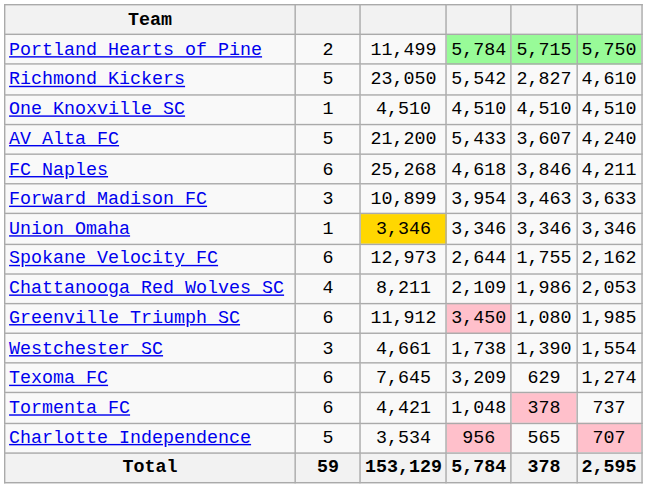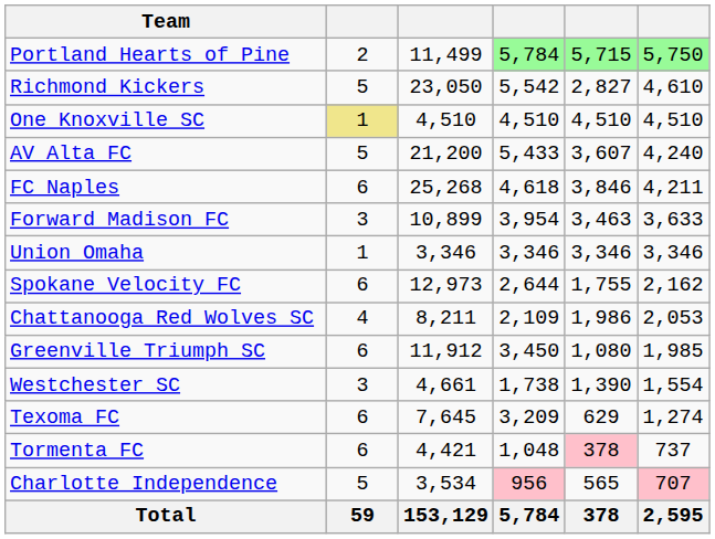 <table class="wikitable sortable">
 <tr>
 <th width=200>Team</th>
 <th width=40></th>
 <th width=40></th>
 <th width=40></th>
 <th width=40></th>
 <th width=40></th>
 </tr>
 <tr align=center>
 <td align=left><a href='#'>Portland Hearts of Pine</a></td>
 <td>2</td>
 <td>11,499</td>
 <td bgcolor="#98fb98">5,784</td>
 <td bgcolor="#98fb98">5,715</td>
 <td bgcolor="#98fb98">5,750</td>
 </tr>
 <tr align=center>
 <td align=left><a href='#'>Richmond Kickers</a></td>
 <td>5</td>
 <td>23,050</td>
 <td>5,542</td>
 <td>2,827</td>
 <td>4,610</td>
 </tr>
 <tr align=center>
 <td align=left><a href='#'>One Knoxville SC</a></td>
-<td>1</td>
+<td style="background: khaki;">1</td>
 <td>4,510</td>
 <td>4,510</td>
 <td>4,510</td>
 <td>4,510</td>
 </tr>
 <tr align=center>
 <td align=left><a href='#'>AV Alta FC</a></td>
 <td>5</td>
 <td>21,200</td>
 <td>5,433</td>
 <td>3,607</td>
 <td>4,240</td>
 </tr>
 <tr align=center>
 <td align=left><a href='#'>FC Naples</a></td>
 <td>6</td>
 <td>25,268</td>
 <td>4,618</td>
 <td>3,846</td>
 <td>4,211</td>
 </tr>
 <tr align=center>
 <td align=left><a href='#'>Forward Madison FC</a></td>
 <td>3</td>
 <td>10,899</td>
 <td>3,954</td>
 <td>3,463</td>
 <td>3,633</td>
 </tr>
 <tr align=center>
 <td align=left><a href='#'>Union Omaha</a></td>
 <td>1</td>
-<td style="background: gold;">3,346</td>
+<td>3,346</td>
 <td>3,346</td>
 <td>3,346</td>
 <td>3,346</td>
 </tr>
 <tr align=center>
 <td align=left><a href='#'>Spokane Velocity FC</a></td>
 <td>6</td>
 <td>12,973</td>
 <td>2,644</td>
 <td>1,755</td>
 <td>2,162</td>
 </tr>
 <tr align=center>
 <td align=left><a href='#'>Chattanooga Red Wolves SC</a></td>
 <td>4</td>
 <td>8,211</td>
 <td>2,109</td>
 <td>1,986</td>
 <td>2,053</td>
 </tr>
 <tr align=center>
 <td align=left><a href='#'>Greenville Triumph SC</a></td>
 <td>6</td>
 <td>11,912</td>
-<td style="background: pink;">3,450</td>
+<td>3,450</td>
 <td>1,080</td>
 <td>1,985</td>
 </tr>
 <tr align=center>
 <td align=left><a href='#'>Westchester SC</a></td>
 <td>3</td>
 <td>4,661</td>
 <td>1,738</td>
 <td>1,390</td>
 <td>1,554</td>
 </tr>
 <tr align=center>
 <td align=left><a href='#'>Texoma FC</a></td>
 <td>6</td>
 <td>7,645</td>
 <td>3,209</td>
 <td>629</td>
 <td>1,274</td>
 </tr>
 <tr align=center>
 <td align=left><a href='#'>Tormenta FC</a></td>
 <td>6</td>
 <td>4,421</td>
 <td>1,048</td>
 <td bgcolor="#ffc0cb">378</td>
 <td>737</td>
 </tr>
 <tr align=center>
 <td align=left><a href='#'>Charlotte Independence</a></td>
 <td>5</td>
 <td>3,534</td>
 <td bgcolor="#ffc0cb">956</td>
 <td>565</td>
 <td bgcolor="#ffc0cb">707</td>
 </tr>
 <tr align=center>
 <th align=left>Total</th>
 <th>59</th>
 <th>153,129</th>
 <th>5,784</th>
 <th>378</th>
 <th>2,595</th>
 </tr>
 </table>
